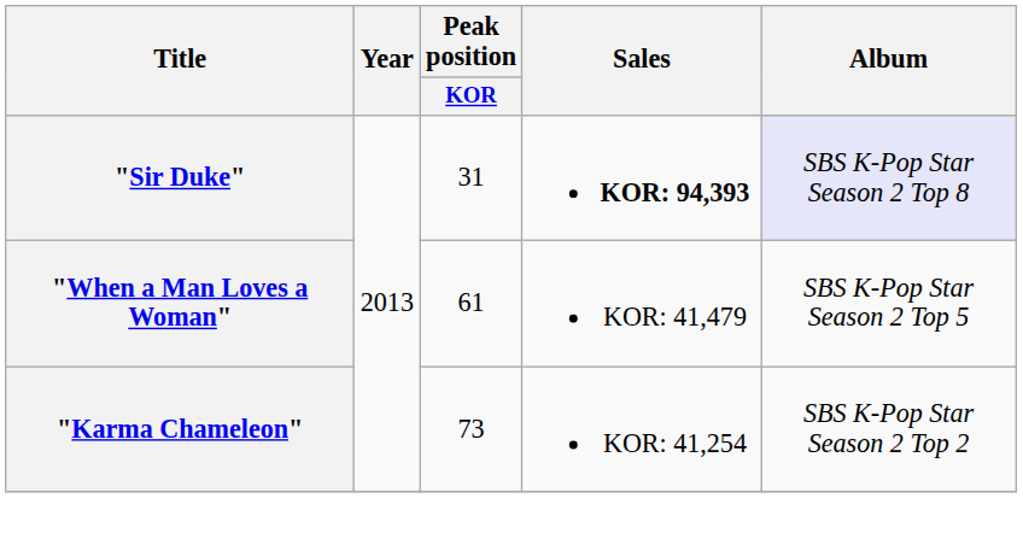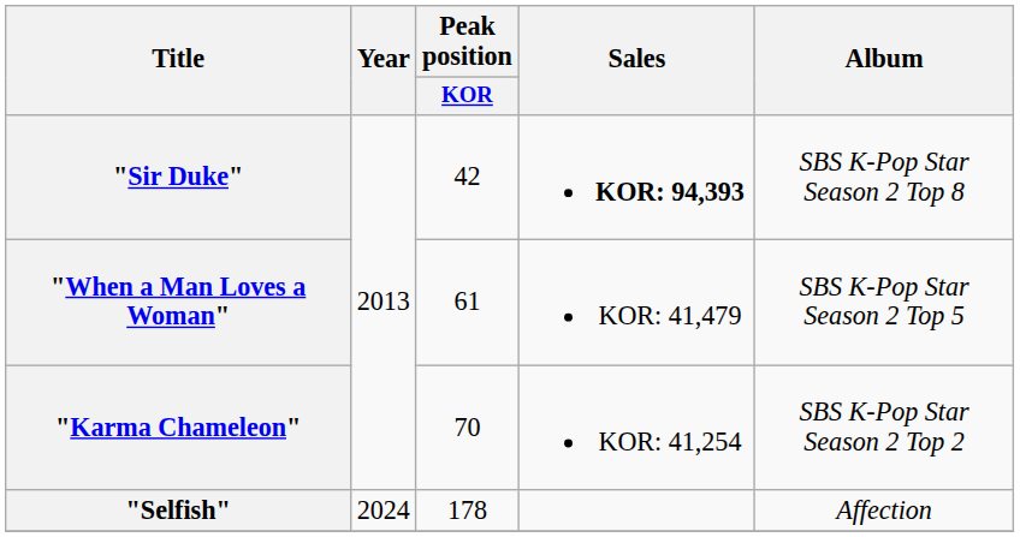 <table class="wikitable plainrowheaders" style="text-align:center;">
 <tr>
 <th scope="col" rowspan="2" style="width:16em;">Title</th>
 <th scope="col" rowspan="2" style="width:2em;">Year</th>
 <th scope="col" colspan="1">Peak position</th>
 <th scope="col" rowspan="2" style="width:10em;">Sales</th>
 <th scope="col" rowspan="2" style="width:12em;">Album</th>
 </tr>
 <tr>
 <th scope="col" style="width:2.5em;font-size:85%;"><a href='#'>KOR</a><br></th>
 </tr>
 <tr>
 <th scope="row">"<a href='#'>Sir Duke</a>"</th>
 <td rowspan="3">2013</td>
-<td>31</td>
+<td>42</td>
 <td><strong><br><ul><li>KOR: 94,393</li></ul></strong></td>
-<td style="background: lavender;"><em>SBS K-Pop Star Season 2 Top 8</em></td>
+<td><em>SBS K-Pop Star Season 2 Top 8</em></td>
 </tr>
 <tr>
 <th scope="row">"<a href='#'>When a Man Loves a Woman</a>"</th>
 <td>61</td>
 <td><br><ul><li>KOR: 41,479</li></ul></td>
 <td><em>SBS K-Pop Star Season 2 Top 5</em></td>
 </tr>
 <tr>
 <th scope="row">"<a href='#'>Karma Chameleon</a>"</th>
-<td>73</td>
+<td>70</td>
 <td><br><ul><li>KOR: 41,254</li></ul></td>
 <td><em>SBS K-Pop Star Season 2 Top 2</em></td>
 </tr>
 <tr>
+<th scope="row">"Selfish"<br></th>
+<td>2024</td>
+<td>178</td>
+<td></td>
+<td><em>Affection</em></td>
+</tr>
+<tr>
 </tr>
 </table>
